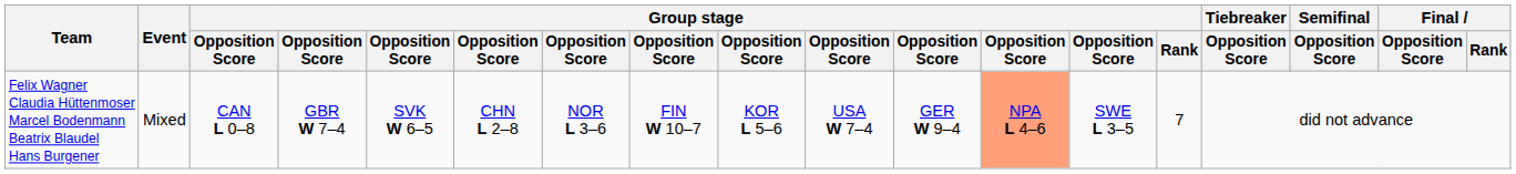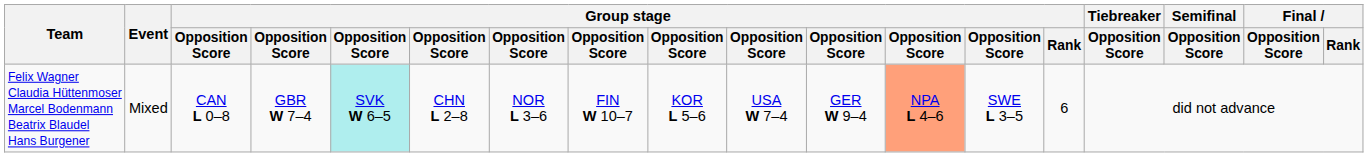 <table class=wikitable style="font-size:90%">
 <tr>
 <th rowspan=2>Team</th>
 <th rowspan=2>Event</th>
 <th colspan=12>Group stage</th>
 <th>Tiebreaker</th>
 <th>Semifinal</th>
 <th colspan=2>Final / </th>
 </tr>
 <tr style="font-size:95%">
 <th>Opposition<br>Score</th>
 <th>Opposition<br>Score</th>
 <th>Opposition<br>Score</th>
 <th>Opposition<br>Score</th>
 <th>Opposition<br>Score</th>
 <th>Opposition<br>Score</th>
 <th>Opposition<br>Score</th>
 <th>Opposition<br>Score</th>
 <th>Opposition<br>Score</th>
 <th>Opposition<br>Score</th>
 <th>Opposition<br>Score</th>
 <th>Rank</th>
 <th>Opposition<br>Score</th>
 <th>Opposition<br>Score</th>
 <th>Opposition<br>Score</th>
 <th>Rank</th>
 </tr>
 <tr align="center">
 <td align="left"><small><a href='#'>Felix Wagner</a><br><a href='#'>Claudia Hüttenmoser</a><br><a href='#'>Marcel Bodenmann</a><br><a href='#'>Beatrix Blaudel</a><br><a href='#'>Hans Burgener</a></small></td>
 <td>Mixed</td>
 <td> <a href='#'>CAN</a><br> <strong>L</strong> 0–8</td>
 <td> <a href='#'>GBR</a><br> <strong>W</strong> 7–4</td>
-<td> <a href='#'>SVK</a><br> <strong>W</strong> 6–5</td>
+<td style="background: paleturquoise;"> <a href='#'>SVK</a><br> <strong>W</strong> 6–5</td>
 <td> <a href='#'>CHN</a><br> <strong>L</strong> 2–8</td>
 <td> <a href='#'>NOR</a><br> <strong>L</strong> 3–6</td>
 <td> <a href='#'>FIN</a><br> <strong>W</strong> 10–7</td>
 <td> <a href='#'>KOR</a><br> <strong>L</strong> 5–6</td>
 <td> <a href='#'>USA</a><br> <strong>W</strong> 7–4</td>
 <td> <a href='#'>GER</a><br> <strong>W</strong> 9–4</td>
 <td style="background: lightsalmon;"> <a href='#'>NPA</a><br> <strong>L</strong> 4–6</td>
 <td> <a href='#'>SWE</a><br> <strong>L</strong> 3–5</td>
-<td>7</td>
+<td>6</td>
 <td colspan=4>did not advance</td>
 </tr>
 </table>
